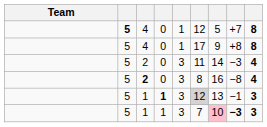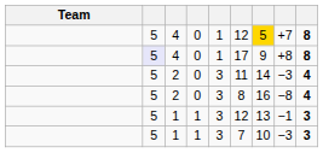 <table class="wikitable" style="text-align:center">
 <tr>
 <th width=165>Team</th>
 <th width=20></th>
 <th width=20></th>
 <th width=20></th>
 <th width=20></th>
 <th width=20></th>
 <th width=20></th>
 <th width=20></th>
 <th width=20></th>
 </tr>
 <tr align=center>
 <td align=left></td>
-<td><strong>5</strong></td>
+<td>5</td>
 <td>4</td>
 <td>0</td>
 <td>1</td>
 <td>12</td>
-<td>5</td>
+<td style="background: gold;">5</td>
 <td>+7</td>
 <td><strong>8</strong></td>
 </tr>
 <tr align=center>
 <td align=left></td>
-<td>5</td>
+<td style="background: lavender;">5</td>
 <td>4</td>
 <td>0</td>
 <td>1</td>
 <td>17</td>
 <td>9</td>
 <td>+8</td>
 <td><strong>8</strong></td>
 </tr>
 <tr align=center>
 <td align=left></td>
 <td>5</td>
 <td>2</td>
 <td>0</td>
 <td>3</td>
 <td>11</td>
 <td>14</td>
 <td>−3</td>
 <td><strong>4</strong></td>
 </tr>
 <tr align=center>
 <td align=left></td>
 <td>5</td>
-<td><strong>2</strong></td>
+<td>2</td>
 <td>0</td>
 <td>3</td>
 <td>8</td>
 <td>16</td>
 <td>−8</td>
 <td><strong>4</strong></td>
 </tr>
 <tr align=center>
 <td align=left></td>
 <td>5</td>
 <td>1</td>
-<td><strong>1</strong></td>
+<td>1</td>
 <td>3</td>
-<td style="background: lightgrey;">12</td>
+<td>12</td>
 <td>13</td>
 <td>−1</td>
 <td><strong>3</strong></td>
 </tr>
 <tr align=center>
 <td align=left></td>
 <td>5</td>
 <td>1</td>
 <td>1</td>
 <td>3</td>
 <td>7</td>
-<td style="background: pink;">10</td>
-<td><strong>−3</strong></td>
+<td>10</td>
+<td>−3</td>
 <td><strong>3</strong></td>
 </tr>
 </table>
